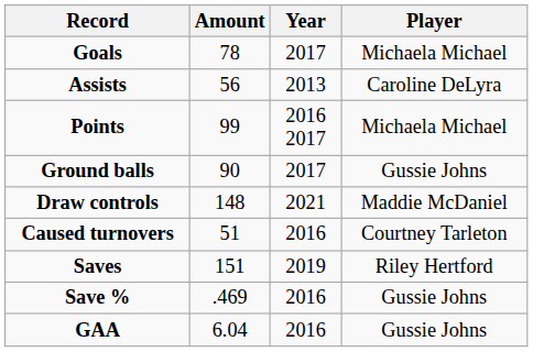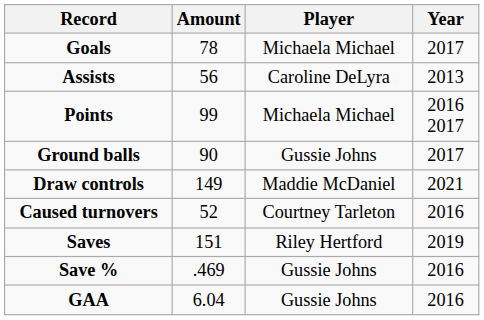 <table class="wikitable">
 <tr>
 <th style="width:140px; ">Record</th>
 <th style="width:35px; ">Amount</th>
+<th style="width:140px; ">Player</th>
 <th style="width:50px; ">Year</th>
-<th style="width:140px; ">Player</th>
 </tr>
 <tr style="text-align:center;">
 <td><strong>Goals</strong></td>
 <td>78</td>
+<td>Michaela Michael</td>
 <td>2017</td>
-<td>Michaela Michael</td>
 </tr>
 <tr style="text-align:center;">
 <td><strong>Assists</strong></td>
 <td>56</td>
+<td>Caroline DeLyra</td>
 <td>2013</td>
-<td>Caroline DeLyra</td>
 </tr>
 <tr style="text-align:center;">
 <td><strong>Points</strong></td>
 <td>99</td>
+<td>Michaela Michael</td>
 <td>2016<br>2017</td>
-<td>Michaela Michael</td>
 </tr>
 <tr style="text-align:center;">
 <td><strong>Ground balls</strong></td>
 <td>90</td>
+<td>Gussie Johns</td>
 <td>2017</td>
-<td>Gussie Johns</td>
 </tr>
 <tr style="text-align:center;">
 <td><strong>Draw controls</strong></td>
-<td>148</td>
+<td>149</td>
+<td>Maddie McDaniel</td>
 <td>2021</td>
-<td>Maddie McDaniel</td>
 </tr>
 <tr style="text-align:center;">
 <td><strong>Caused turnovers</strong></td>
-<td>51</td>
+<td>52</td>
+<td>Courtney Tarleton</td>
 <td>2016</td>
-<td>Courtney Tarleton</td>
 </tr>
 <tr style="text-align:center;">
 <td><strong>Saves</strong></td>
 <td>151</td>
+<td>Riley Hertford</td>
 <td>2019</td>
-<td>Riley Hertford</td>
 </tr>
 <tr style="text-align:center;">
 <td><strong>Save %</strong></td>
 <td>.469</td>
+<td>Gussie Johns</td>
 <td>2016</td>
-<td>Gussie Johns</td>
 </tr>
 <tr style="text-align:center;">
 <td><strong>GAA</strong></td>
 <td>6.04</td>
+<td>Gussie Johns</td>
 <td>2016</td>
-<td>Gussie Johns</td>
 </tr>
 </table>
